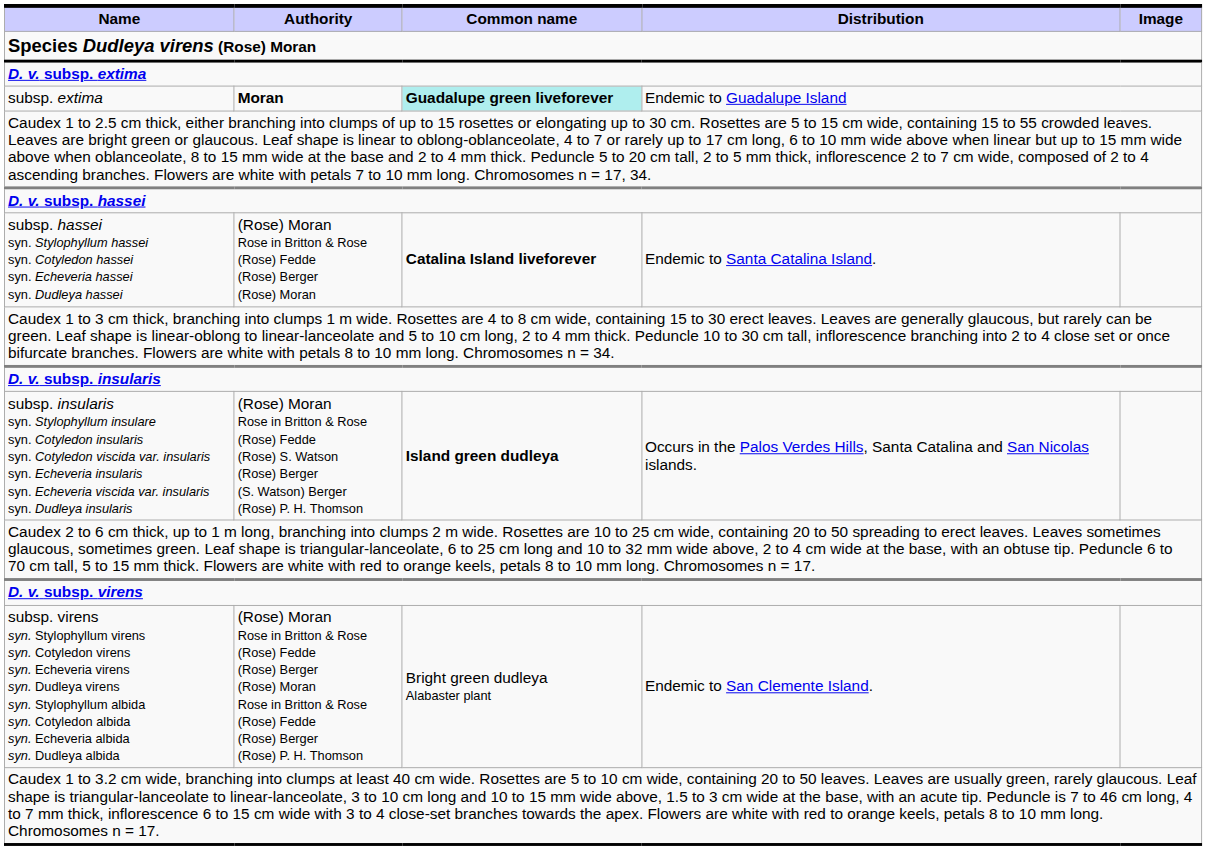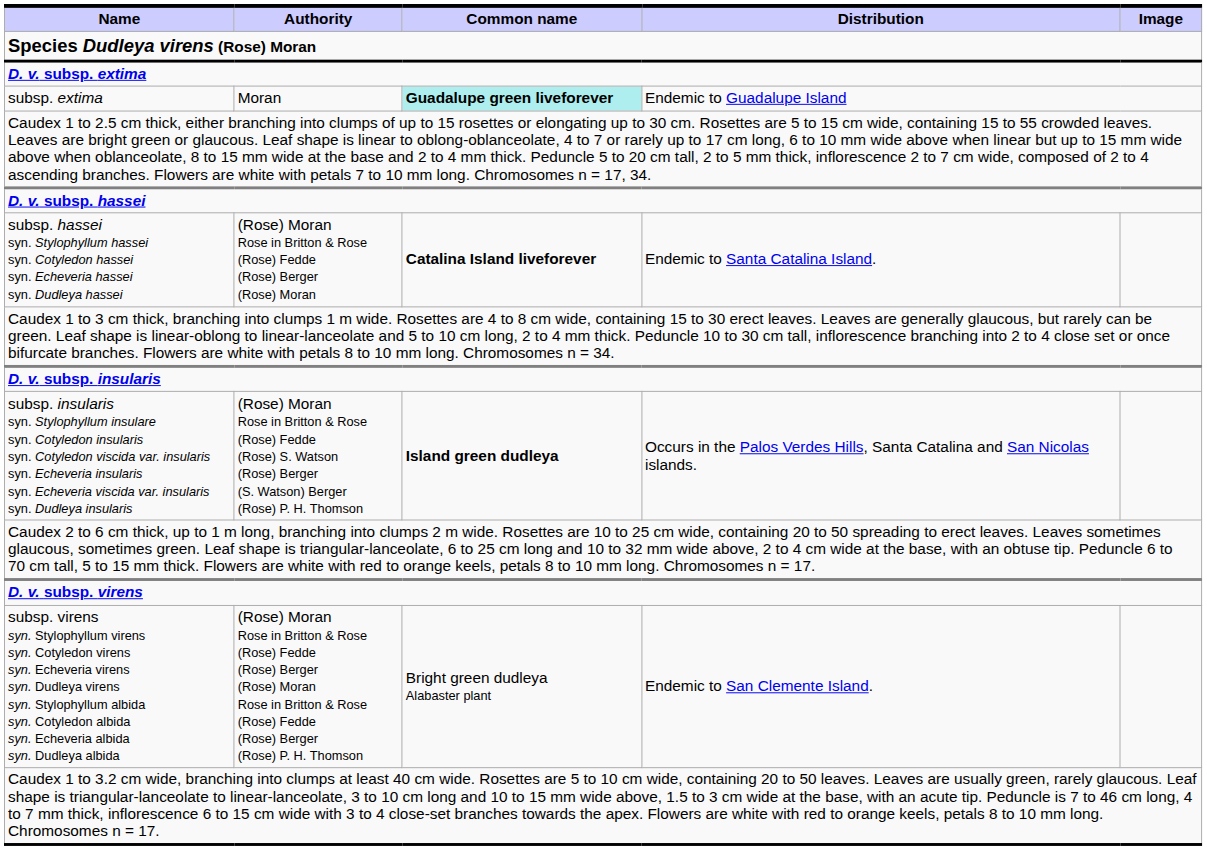 <table class="wikitable" border="1">
 <tr>
 <th style="border-top:solid black 4px; background: #ccf">Name</th>
 <th style="border-top:solid black 4px; background: #ccf">Authority</th>
 <th style="border-top:solid black 4px; background: #ccf">Common name</th>
 <th style="border-top:solid black 4px; background: #ccf">Distribution</th>
 <th style="border-top:solid black 4px; background: #ccf">Image</th>
 </tr>
 <tr>
 <td colspan="5" style="border-bottom: 3px solid black;"><strong><big>Species <em>Dudleya virens</em></big> (Rose) Moran</strong></td>
 </tr>
 <tr>
 <td colspan="5"><strong><a href='#'><em>D. v.</em> subsp. <em>extima</em></a></strong></td>
 </tr>
 <tr>
 <td>subsp. <em>extima</em></td>
-<td><strong>Moran</strong></td>
+<td>Moran</td>
 <td style="background: paleturquoise;"><strong>Guadalupe green liveforever</strong></td>
 <td colspan="2">Endemic to <a href='#'>Guadalupe Island</a></td>
 </tr>
 <tr>
 <td colspan="5" style="border-bottom: 3px solid grey;">Caudex 1 to 2.5 cm thick, either branching into clumps of up to 15 rosettes or elongating up to 30 cm. Rosettes are 5 to 15 cm wide, containing 15 to 55 crowded leaves. Leaves are bright green or glaucous. Leaf shape is linear to oblong-oblanceolate, 4 to 7 or rarely up to 17 cm long, 6 to 10 mm wide above when linear but up to 15 mm wide above when oblanceolate, 8 to 15 mm wide at the base and 2 to 4 mm thick. Peduncle 5 to 20 cm tall, 2 to 5 mm thick, inflorescence 2 to 7 cm wide, composed of 2 to 4 ascending branches. Flowers are white with petals 7 to 10 mm long. Chromosomes n = 17, 34.</td>
 </tr>
 <tr>
 <td colspan="5"><strong><a href='#'><em>D. v.</em> subsp. <em>hassei</em></a></strong></td>
 </tr>
 <tr>
 <td>subsp. <em>hassei</em><br><small>syn. <em>Stylophyllum hassei</em></small><br><small>syn. <em>Cotyledon hassei</em></small><br><small>syn. <em>Echeveria hassei</em></small><br><small>syn. <em>Dudleya hassei</em></small></td>
 <td>(Rose) Moran<br><small>Rose in Britton & Rose</small><br><small>(Rose) Fedde</small><br><small>(Rose) Berger</small><br><small>(Rose) Moran</small></td>
 <td><strong>Catalina Island liveforever</strong></td>
 <td>Endemic to <a href='#'>Santa Catalina Island</a>.</td>
 <td></td>
 </tr>
 <tr>
 <td colspan="5" style="border-bottom: 3px solid grey;">Caudex 1 to 3 cm thick, branching into clumps 1 m wide. Rosettes are 4 to 8 cm wide, containing 15 to 30 erect leaves. Leaves are generally glaucous, but rarely can be green. Leaf shape is linear-oblong to linear-lanceolate and 5 to 10 cm long, 2 to 4 mm thick. Peduncle 10 to 30 cm tall, inflorescence branching into 2 to 4 close set or once bifurcate branches. Flowers are white with petals 8 to 10 mm long. Chromosomes n = 34.</td>
 </tr>
 <tr>
 <td colspan="5"><strong><a href='#'><em>D. v.</em> subsp. <em>insularis</em></a></strong></td>
 </tr>
 <tr>
 <td>subsp. <em>insularis</em><br><small>syn. <em>Stylophyllum insulare</em></small><br><small>syn. <em>Cotyledon insularis</em></small><br><small>syn. <em>Cotyledon viscida var. insularis</em></small><br><small>syn. <em>Echeveria insularis</em></small><br><small>syn. <em>Echeveria viscida var. insularis</em></small><br><small>syn. <em>Dudleya insularis</em></small></td>
 <td>(Rose) Moran<br><small>Rose in Britton & Rose</small><br><small>(Rose) Fedde</small><br><small>(Rose) S. Watson </small><br><small>(Rose) Berger</small><br><small>(S. Watson) Berger</small><br><small>(Rose) P. H. Thomson</small></td>
 <td><strong>Island green dudleya</strong></td>
 <td>Occurs in the <a href='#'>Palos Verdes Hills</a>, Santa Catalina and <a href='#'>San Nicolas</a> islands.</td>
 <td></td>
 </tr>
 <tr>
 <td colspan="5" style="border-bottom: 3px solid grey;">Caudex 2 to 6 cm thick, up to 1 m long, branching into clumps 2 m wide. Rosettes are 10 to 25 cm wide, containing 20 to 50 spreading to erect leaves. Leaves sometimes glaucous, sometimes green. Leaf shape is triangular-lanceolate, 6 to 25 cm long and 10 to 32 mm wide above, 2 to 4 cm wide at the base, with an obtuse tip. Peduncle 6 to 70 cm tall, 5 to 15 mm thick. Flowers are white with red to orange keels, petals 8 to 10 mm long. Chromosomes n = 17.</td>
 </tr>
 <tr>
 <td colspan="5"><a href='#'><strong><em>D. v.</em></strong> <strong>subsp. <em>virens<strong><em></a></td>
 </tr>
 <tr>
 <td>subsp. </em>virens<em><br><small>syn. </em>Stylophyllum virens<em></small><br><small>syn. </em>Cotyledon virens<em></small><br><small>syn. </em>Echeveria virens<em></small><br><small>syn. </em>Dudleya virens<em></small><br><small>syn. </em>Stylophyllum albida<em></small><br><small>syn. </em>Cotyledon albida<em></small><br><small>syn. </em>Echeveria albida<em></small><br><small>syn. </em>Dudleya albida<em></small></td>
 <td>(Rose) Moran<br><small>Rose in Britton & Rose</small><br><small>(Rose) Fedde</small><br><small>(Rose) Berger</small><br><small>(Rose) Moran</small><br><small>Rose in Britton & Rose</small><br><small>(Rose) Fedde</small><br><small>(Rose) Berger</small><br><small>(Rose) P. H. Thomson</small></td>
 <td></strong>Bright green dudleya<strong><br><small></strong>Alabaster plant<strong></small></td>
 <td>Endemic to <a href='#'>San Clemente Island</a>.</td>
 <td></td>
 </tr>
 <tr>
 <td colspan="5" style="border-bottom: 3px solid black;">Caudex 1 to 3.2 cm wide, branching into clumps at least 40 cm wide. Rosettes are 5 to 10 cm wide, containing 20 to 50 leaves. Leaves are usually green, rarely glaucous. Leaf shape is triangular-lanceolate to linear-lanceolate, 3 to 10 cm long and 10 to 15 mm wide above, 1.5 to 3 cm wide at the base, with an acute tip. Peduncle is 7 to 46 cm long, 4 to 7 mm thick, inflorescence 6 to 15 cm wide with 3 to 4 close-set branches towards the apex. Flowers are white with red to orange keels, petals 8 to 10 mm long. Chromosomes n = 17.</td>
 </tr>
 </table>
